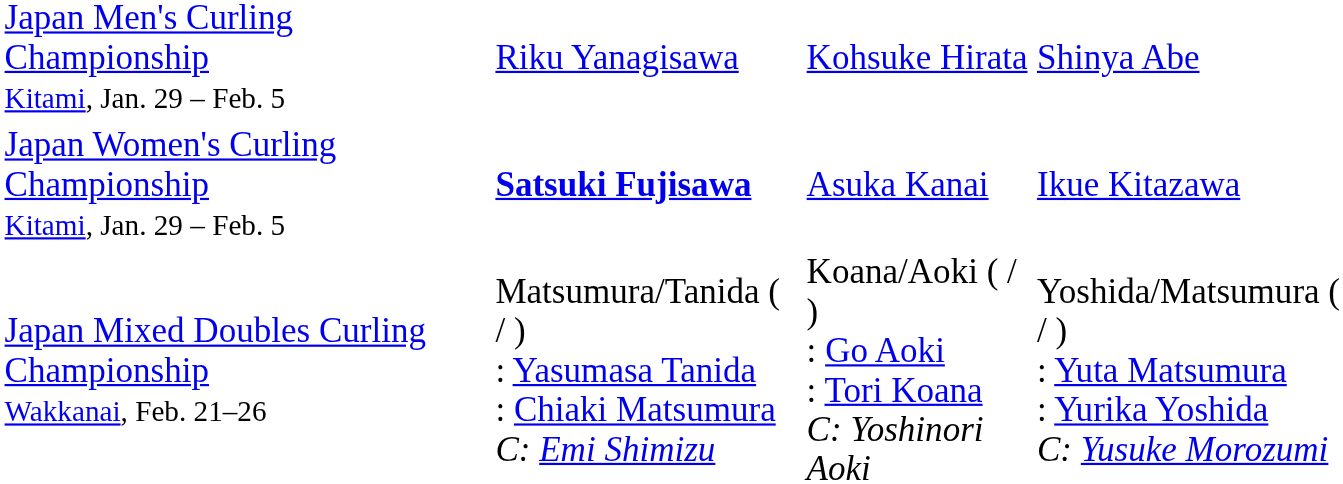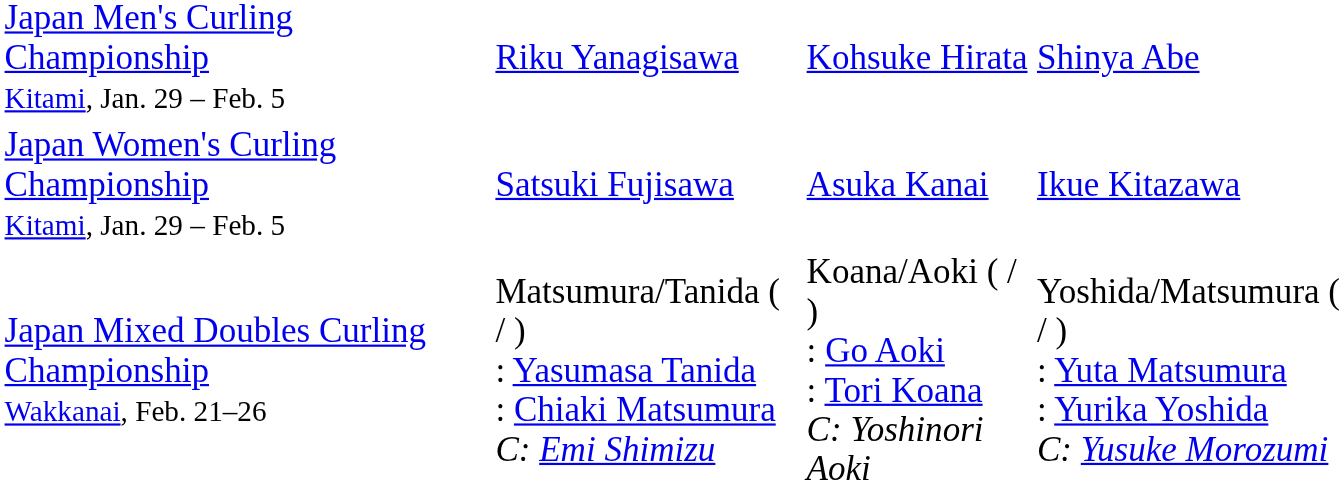 <table>
 <tr>
 <td><a href='#'>Japan Men's Curling Championship</a><br> <small><a href='#'>Kitami</a>, Jan. 29 – Feb. 5</small></td>
 <td> <a href='#'>Riku Yanagisawa</a></td>
 <td> <a href='#'>Kohsuke Hirata</a></td>
 <td> <a href='#'>Shinya Abe</a></td>
 </tr>
 <tr>
 <td><a href='#'>Japan Women's Curling Championship</a><br> <small><a href='#'>Kitami</a>, Jan. 29 – Feb. 5</small></td>
-<td><strong> <a href='#'>Satsuki Fujisawa</a></strong></td>
+<td> <a href='#'>Satsuki Fujisawa</a></td>
 <td> <a href='#'>Asuka Kanai</a></td>
 <td> <a href='#'>Ikue Kitazawa</a></td>
 </tr>
 <tr>
 <td><a href='#'>Japan Mixed Doubles Curling Championship</a><br> <small><a href='#'>Wakkanai</a>, Feb. 21–26</small></td>
 <td>Matsumura/Tanida ( / ) <br> : <a href='#'>Yasumasa Tanida</a> <br>: <a href='#'>Chiaki Matsumura</a><br><em>C: <a href='#'>Emi Shimizu</a></em></td>
 <td>Koana/Aoki ( / ) <br> : <a href='#'>Go Aoki</a> <br>: <a href='#'>Tori Koana</a><br><em>C: Yoshinori Aoki</em></td>
 <td>Yoshida/Matsumura ( / ) <br> : <a href='#'>Yuta Matsumura</a> <br> : <a href='#'>Yurika Yoshida</a><br><em>C: <a href='#'>Yusuke Morozumi</a></em></td>
 </tr>
 </table>
